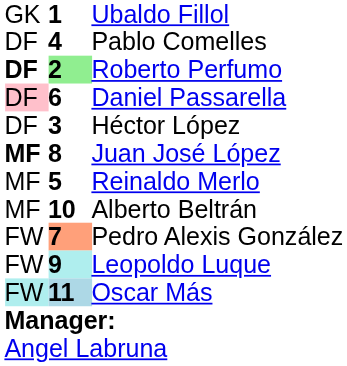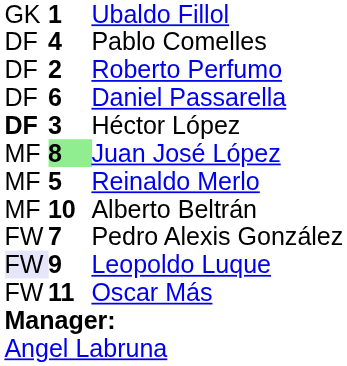 <table cellspacing="0" cellpadding="0" style="font-size:90%; margin:0.2em auto;">
 <tr>
 <th width="25"></th>
 <th width="25"></th>
 </tr>
 <tr>
 <td>GK</td>
 <td><strong>1</strong></td>
 <td> <a href='#'>Ubaldo Fillol</a></td>
 </tr>
 <tr>
 <td>DF</td>
 <td><strong>4</strong></td>
 <td> Pablo Comelles</td>
 </tr>
 <tr>
-<td><strong>DF</strong></td>
-<td style="background: lightgreen;"><strong>2</strong></td>
+<td>DF</td>
+<td><strong>2</strong></td>
 <td> <a href='#'>Roberto Perfumo</a></td>
 </tr>
 <tr>
-<td style="background: pink;">DF</td>
+<td>DF</td>
 <td><strong>6</strong></td>
 <td> <a href='#'>Daniel Passarella</a></td>
 </tr>
 <tr>
-<td>DF</td>
+<td><strong>DF</strong></td>
 <td><strong>3</strong></td>
 <td> Héctor López</td>
 </tr>
 <tr>
-<td><strong>MF</strong></td>
-<td><strong>8</strong></td>
+<td>MF</td>
+<td style="background: lightgreen;"><strong>8</strong></td>
 <td> <a href='#'>Juan José López</a></td>
 </tr>
 <tr>
 <td>MF</td>
 <td><strong>5</strong></td>
 <td> <a href='#'>Reinaldo Merlo</a></td>
 </tr>
 <tr>
 <td>MF</td>
 <td><strong>10</strong></td>
 <td> Alberto Beltrán</td>
 </tr>
 <tr>
 <td>FW</td>
-<td style="background: lightsalmon;"><strong>7</strong></td>
+<td><strong>7</strong></td>
 <td> Pedro Alexis González</td>
 </tr>
 <tr>
-<td>FW</td>
-<td style="background: paleturquoise;"><strong>9</strong></td>
+<td style="background: lavender;">FW</td>
+<td><strong>9</strong></td>
 <td> <a href='#'>Leopoldo Luque</a></td>
 </tr>
 <tr>
-<td style="background: paleturquoise;">FW</td>
-<td style="background: lightblue;"><strong>11</strong></td>
+<td>FW</td>
+<td><strong>11</strong></td>
 <td> <a href='#'>Oscar Más</a></td>
 </tr>
 <tr>
 <td colspan=3><strong>Manager:</strong></td>
 </tr>
 <tr>
 <td colspan=4> <a href='#'>Angel Labruna</a></td>
 </tr>
 </table>
